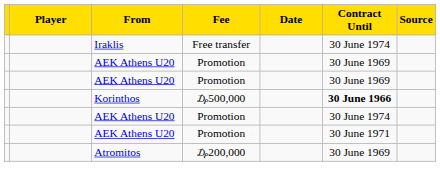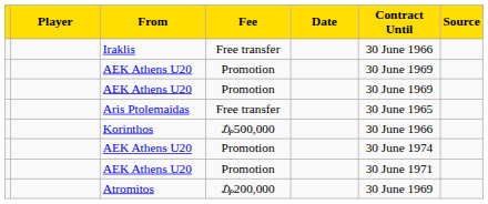 <table class="wikitable sortable">
 <tr>
 <th style="background:#FFDE00"></th>
 <th width=200 style="background:#FFDE00">Player</th>
 <th width=200 style="background:#FFDE00">From</th>
 <th width=150 style="background:#FFDE00">Fee</th>
 <th width=150 style="background:#FFDE00">Date</th>
 <th width=150 style="background:#FFDE00">Contract Until</th>
 <th style="background:#FFDE00">Source</th>
 </tr>
 <tr>
 <td align=center></td>
 <td></td>
 <td> <a href='#'>Iraklis</a></td>
 <td align=center>Free transfer</td>
 <td align=center></td>
-<td align=center>30 June 1974</td>
+<td align=center>30 June 1966</td>
 <td align=center></td>
 </tr>
 <tr>
 <td align=center></td>
 <td></td>
 <td> <a href='#'>AEK Athens U20</a></td>
 <td align=center>Promotion</td>
 <td align=center></td>
 <td align=center>30 June 1969</td>
 <td align=center></td>
 </tr>
 <tr>
 <td align=center></td>
 <td></td>
 <td> <a href='#'>AEK Athens U20</a></td>
 <td align=center>Promotion</td>
 <td align=center></td>
 <td align=center>30 June 1969</td>
 <td align=center></td>
 </tr>
 <tr>
 <td align=center></td>
 <td></td>
+<td> <a href='#'>Aris Ptolemaidas</a></td>
+<td align=center>Free transfer</td>
+<td align=center></td>
+<td align=center>30 June 1965</td>
+<td align=center></td>
+</tr>
+<tr>
+<td align=center></td>
+<td></td>
 <td> <a href='#'>Korinthos</a></td>
 <td align=center>₯500,000</td>
 <td align=center></td>
-<td align=center><strong>30 June 1966</strong></td>
+<td align=center>30 June 1966</td>
 <td align=center></td>
 </tr>
 <tr>
 <td align=center></td>
 <td></td>
 <td> <a href='#'>AEK Athens U20</a></td>
 <td align=center>Promotion</td>
 <td align=center></td>
 <td align=center>30 June 1974</td>
 <td align=center></td>
 </tr>
 <tr>
 <td align=center></td>
 <td></td>
 <td> <a href='#'>AEK Athens U20</a></td>
 <td align=center>Promotion</td>
 <td align=center></td>
 <td align=center>30 June 1971</td>
 <td align=center></td>
 </tr>
 <tr>
 <td align=center></td>
 <td></td>
 <td> <a href='#'>Atromitos</a></td>
 <td align=center>₯200,000</td>
 <td align=center></td>
 <td align=center>30 June 1969</td>
 <td align=center></td>
 </tr>
 </table>
